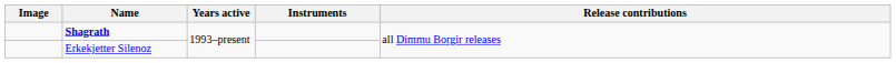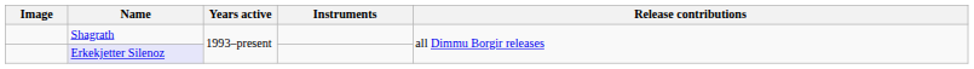 <table class="wikitable" border="1" width=100%>
 <tr>
 <th width="75">Image</th>
 <th width="170">Name</th>
 <th width="90">Years active</th>
 <th width="170">Instruments</th>
 <th>Release contributions</th>
 </tr>
 <tr>
 <td></td>
-<td><strong><a href='#'>Shagrath</a><br></strong></td>
+<td><a href='#'>Shagrath</a><br></td>
 <td rowspan="2">1993–present</td>
 <td></td>
 <td rowspan="2">all <a href='#'>Dimmu Borgir releases</a></td>
 </tr>
 <tr>
 <td></td>
-<td><a href='#'>Erkekjetter Silenoz</a><br></td>
+<td style="background: lavender;"><a href='#'>Erkekjetter Silenoz</a><br></td>
 <td></td>
 </tr>
 </table>
